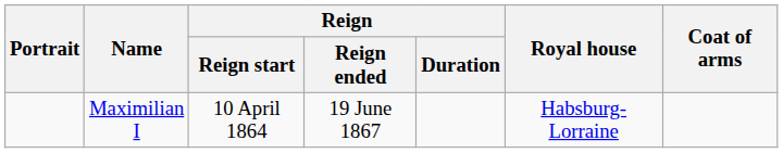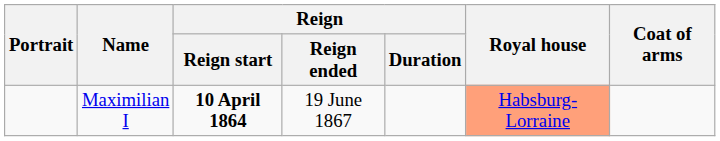 <table class="wikitable" style="text-align:center;">
 <tr>
 <th rowspan="2">Portrait</th>
 <th rowspan="2">Name<br></th>
 <th colspan="3">Reign</th>
 <th rowspan="2">Royal house</th>
 <th rowspan="2">Coat of arms</th>
 </tr>
 <tr>
 <th>Reign start</th>
 <th>Reign ended</th>
 <th>Duration</th>
 </tr>
 <tr>
 <td></td>
 <td style="width:12%;"><a href='#'>Maximilian I</a><br></td>
-<td>10 April 1864</td>
+<td><strong>10 April 1864</strong></td>
 <td>19 June 1867</td>
 <td></td>
-<td><a href='#'>Habsburg-Lorraine</a></td>
+<td style="background: lightsalmon;"><a href='#'>Habsburg-Lorraine</a></td>
 <td></td>
 </tr>
 </table>
